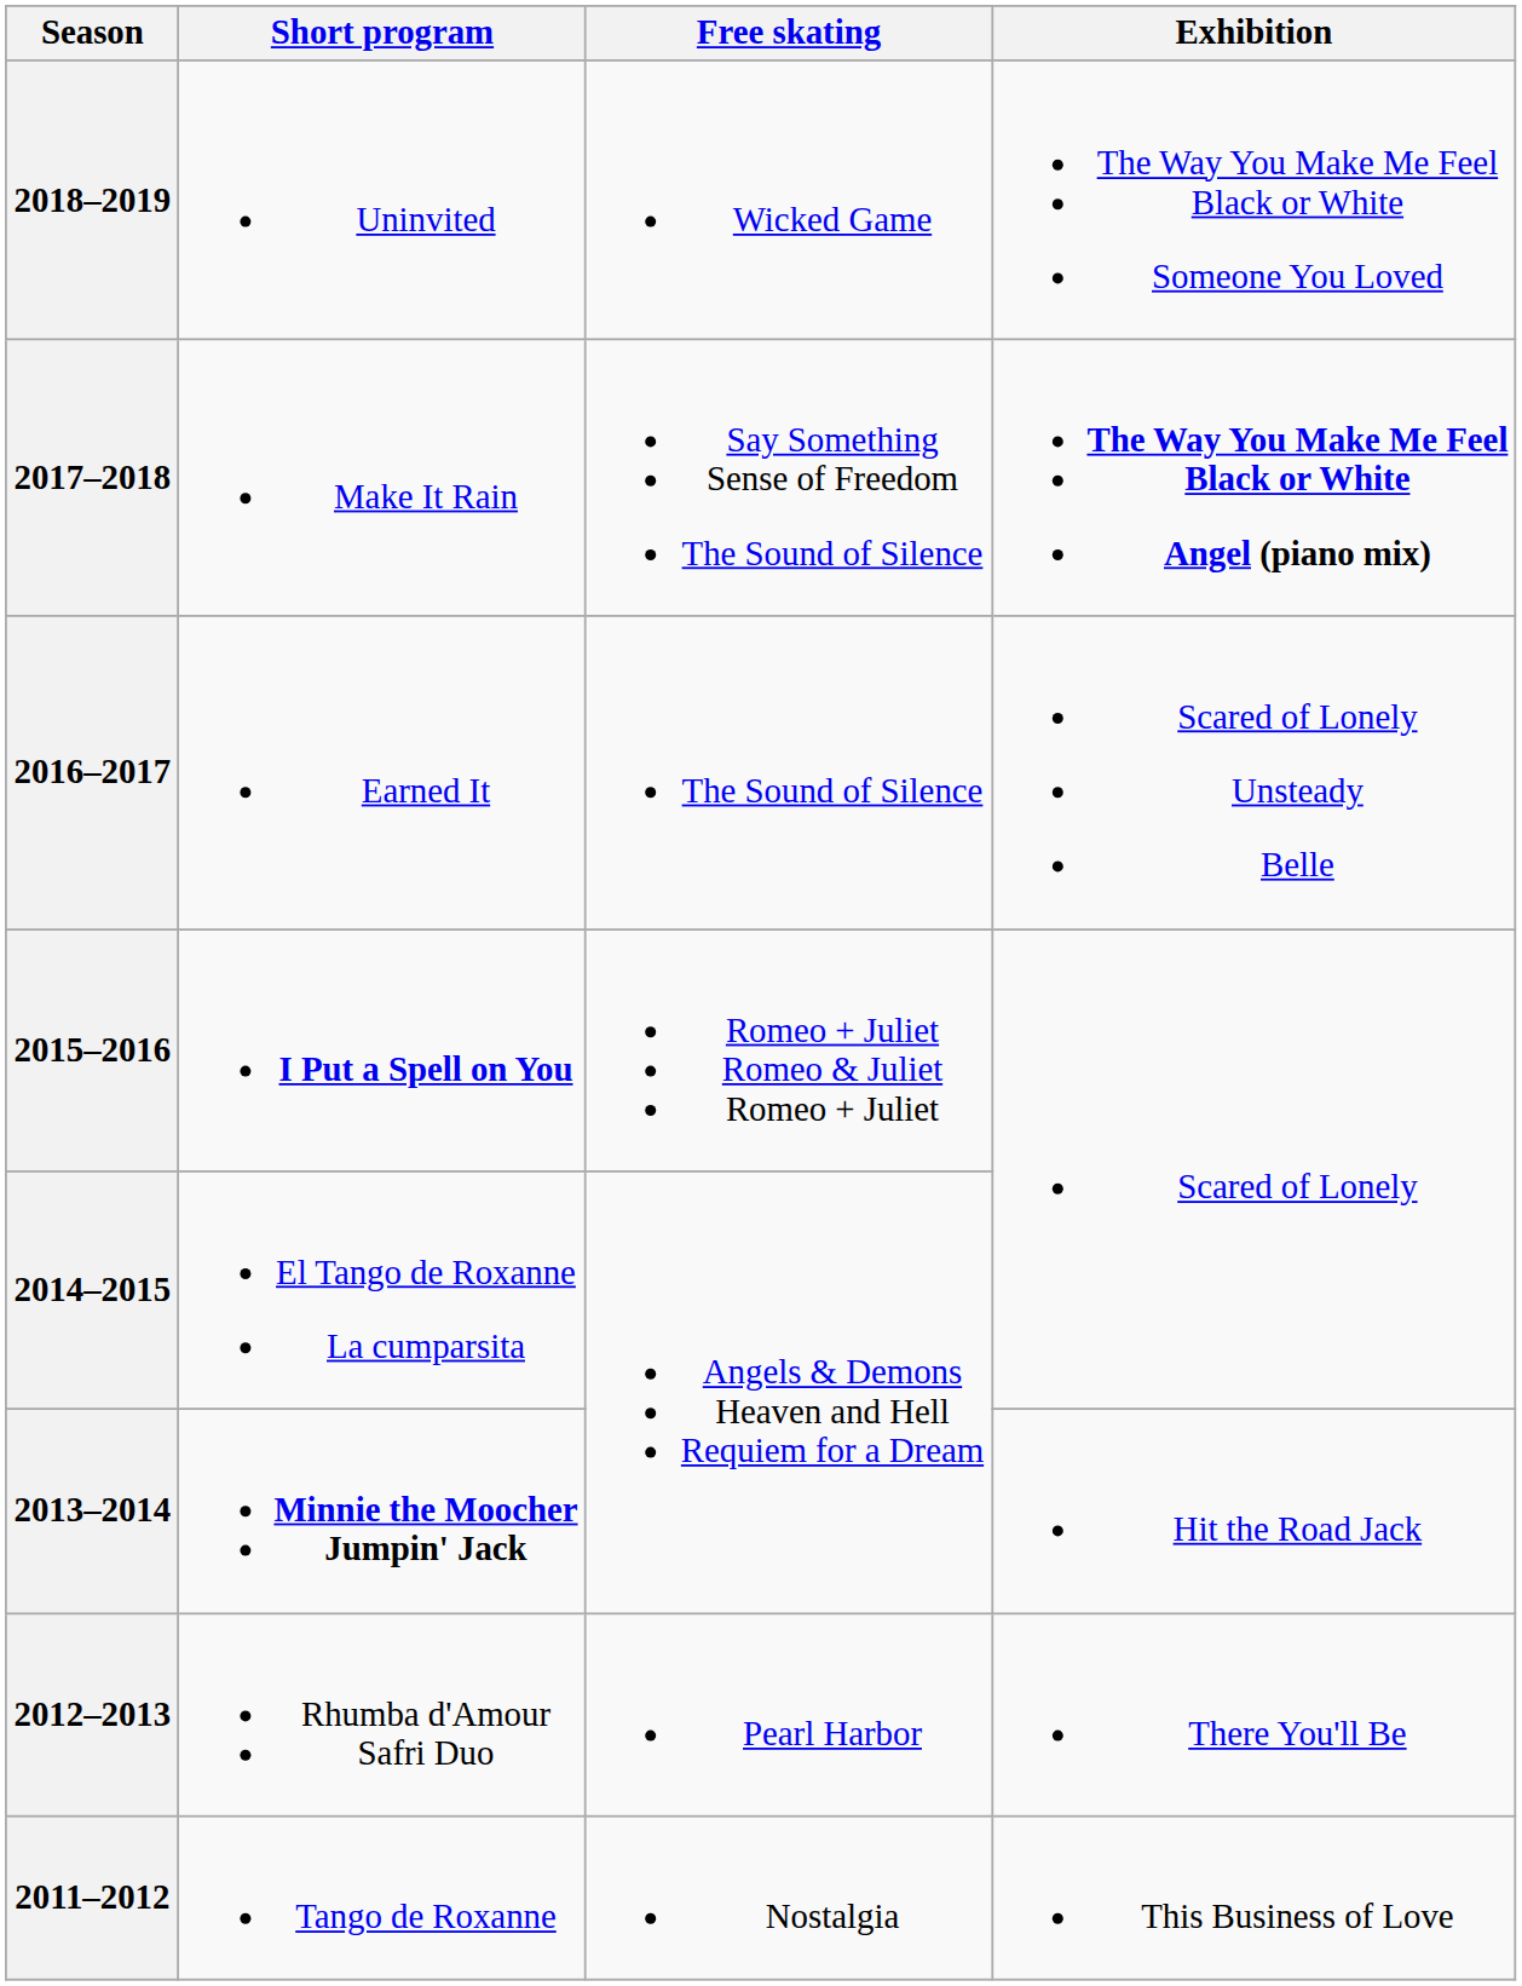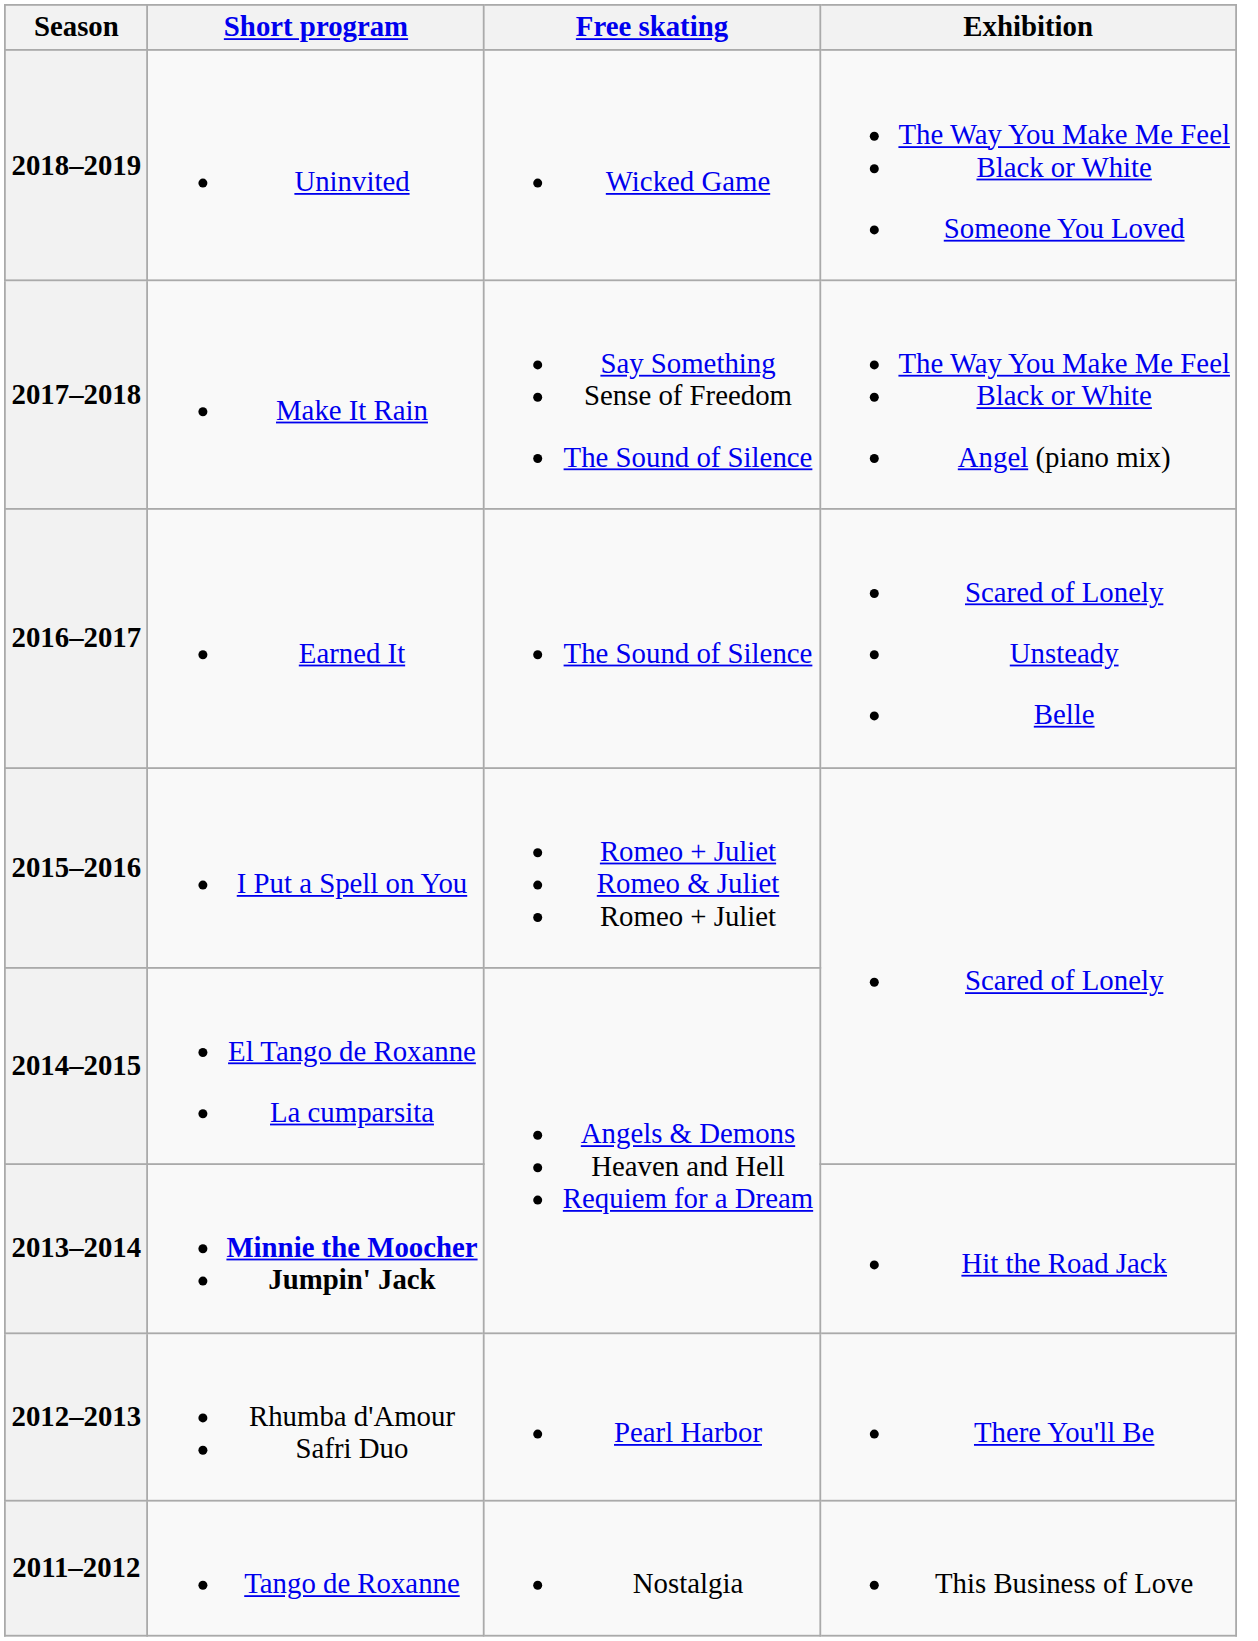 <table class=wikitable style=text-align:center>
 <tr>
 <th>Season</th>
 <th><a href='#'>Short program</a></th>
 <th><a href='#'>Free skating</a></th>
 <th>Exhibition</th>
 </tr>
 <tr>
 <th>2018–2019 <br></th>
 <td><br><ul><li><a href='#'>Uninvited</a> <br></li></ul></td>
 <td><br><ul><li><a href='#'>Wicked Game</a><br> </li></ul></td>
 <td><br><ul><li><a href='#'>The Way You Make Me Feel</a></li><li><a href='#'>Black or White</a> <br> </li></ul><ul><li><a href='#'>Someone You Loved</a> <br></li></ul></td>
 </tr>
 <tr>
 <th>2017–2018 <br></th>
 <td><br><ul><li><a href='#'>Make It Rain</a> <br></li></ul></td>
 <td><br><ul><li><a href='#'>Say Something</a> <br></li><li>Sense of Freedom <br></li></ul><ul><li><a href='#'>The Sound of Silence</a> <br></li></ul></td>
-<td><strong><br><ul><li><a href='#'>The Way You Make Me Feel</a></li><li><a href='#'>Black or White</a> <br> </li></ul><ul><li><a href='#'>Angel</a> (piano mix) <br> </li></ul></strong></td>
+<td><br><ul><li><a href='#'>The Way You Make Me Feel</a></li><li><a href='#'>Black or White</a> <br> </li></ul><ul><li><a href='#'>Angel</a> (piano mix) <br> </li></ul></td>
 </tr>
 <tr>
 <th>2016–2017 <br></th>
 <td><br><ul><li><a href='#'>Earned It</a> <br></li></ul></td>
 <td><br><ul><li><a href='#'>The Sound of Silence</a> <br></li></ul></td>
 <td><br><ul><li><a href='#'>Scared of Lonely</a> <br></li></ul><ul><li><a href='#'>Unsteady</a> <br></li></ul><ul><li><a href='#'>Belle</a> <br></li></ul></td>
 </tr>
 <tr>
 <th>2015–2016 <br> </th>
-<td><strong><br><ul><li><a href='#'>I Put a Spell on You</a> <br></li></ul></strong></td>
+<td><br><ul><li><a href='#'>I Put a Spell on You</a> <br></li></ul></td>
 <td><br><ul><li><a href='#'>Romeo + Juliet</a> <br></li><li><a href='#'>Romeo & Juliet</a> <br></li><li>Romeo + Juliet <br></li></ul></td>
 <td rowspan=2><br><ul><li><a href='#'>Scared of Lonely</a> <br></li></ul></td>
 </tr>
 <tr>
 <th>2014–2015 <br> </th>
 <td><br><ul><li><a href='#'>El Tango de Roxanne</a> <br></li></ul><ul><li><a href='#'>La cumparsita</a> <br></li></ul></td>
 <td rowspan=2><br><ul><li><a href='#'>Angels & Demons</a> <br></li><li>Heaven and Hell <br></li><li><a href='#'>Requiem for a Dream</a> <br></li></ul></td>
 </tr>
 <tr>
 <th>2013–2014 <br> </th>
 <td><strong><br><ul><li><a href='#'>Minnie the Moocher</a> <br></li><li>Jumpin' Jack <br></li></ul></strong></td>
 <td><br><ul><li><a href='#'>Hit the Road Jack</a> <br></li></ul></td>
 </tr>
 <tr>
 <th>2012–2013 <br> </th>
 <td><br><ul><li>Rhumba d'Amour</li><li>Safri Duo</li></ul></td>
 <td><br><ul><li><a href='#'>Pearl Harbor</a> <br></li></ul></td>
 <td><br><ul><li><a href='#'>There You'll Be</a> <br></li></ul></td>
 </tr>
 <tr>
 <th>2011–2012 <br> </th>
 <td><br><ul><li><a href='#'>Tango de Roxanne</a> <br></li></ul></td>
 <td><br><ul><li>Nostalgia <br></li></ul></td>
 <td><br><ul><li>This Business of Love <br></li></ul></td>
 </tr>
 </table>
